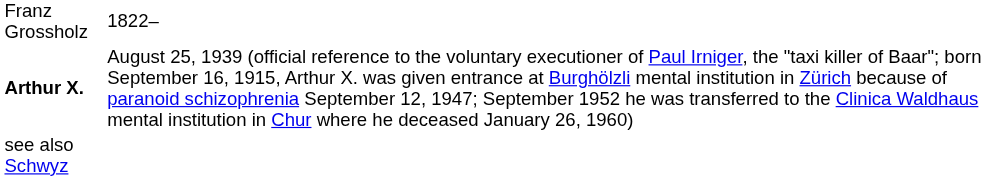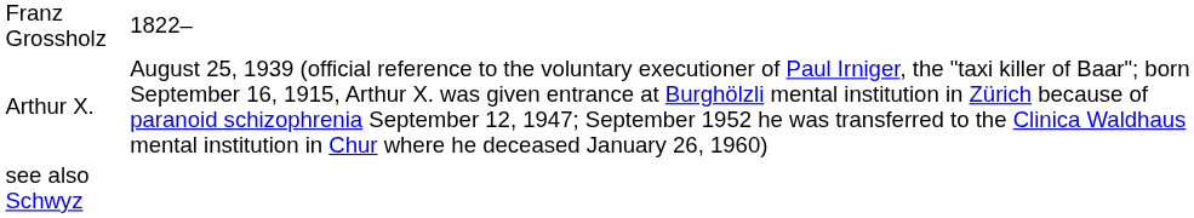 <table>
 <tr>
 <td>Franz Grossholz</td>
 <td>1822–</td>
 </tr>
 <tr>
-<td><strong>Arthur X.</strong></td>
+<td>Arthur X.</td>
 <td>August 25, 1939 (official reference to the voluntary executioner of <a href='#'>Paul Irniger</a>, the "taxi killer of Baar"; born September 16, 1915, Arthur X. was given entrance at <a href='#'>Burghölzli</a> mental institution in <a href='#'>Zürich</a> because of <a href='#'>paranoid schizophrenia</a> September 12, 1947; September 1952 he was transferred to the <a href='#'>Clinica Waldhaus</a> mental institution in <a href='#'>Chur</a> where he deceased January 26, 1960)</td>
 </tr>
 <tr>
 <td>see also <a href='#'>Schwyz</a></td>
 </tr>
 </table>
